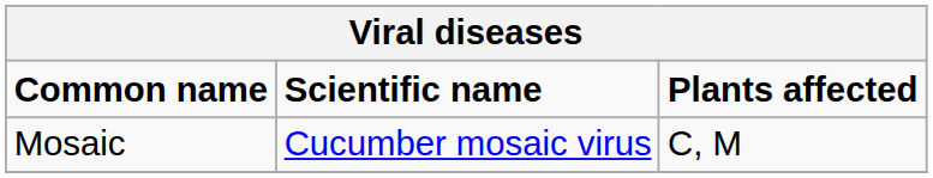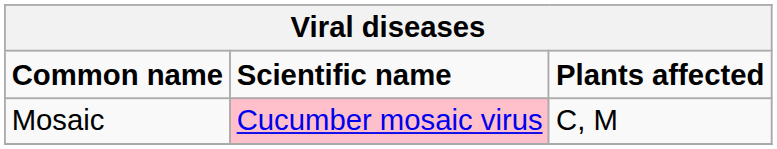 <table class="wikitable" style="clear">
 <tr>
 <th colspan=3><strong>Viral diseases</strong><br></th>
 </tr>
 <tr>
 <td><strong>Common name</strong></td>
 <td><strong>Scientific name</strong></td>
 <td><strong>Plants affected</strong></td>
 </tr>
 <tr>
 <td>Mosaic</td>
-<td><a href='#'>Cucumber mosaic virus</a></td>
+<td style="background: pink;"><a href='#'>Cucumber mosaic virus</a></td>
 <td>C, M</td>
 </tr>
 <tr>
 </tr>
 </table>
